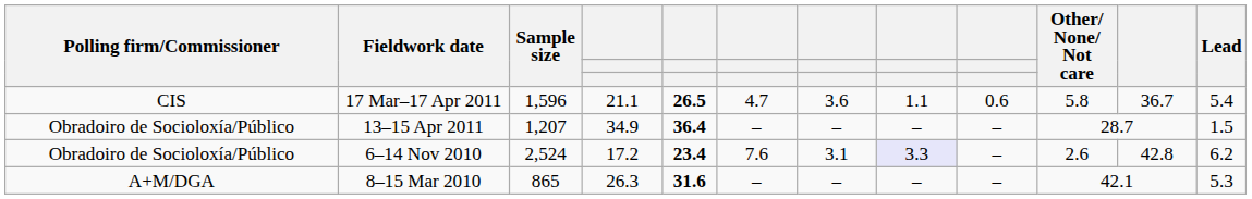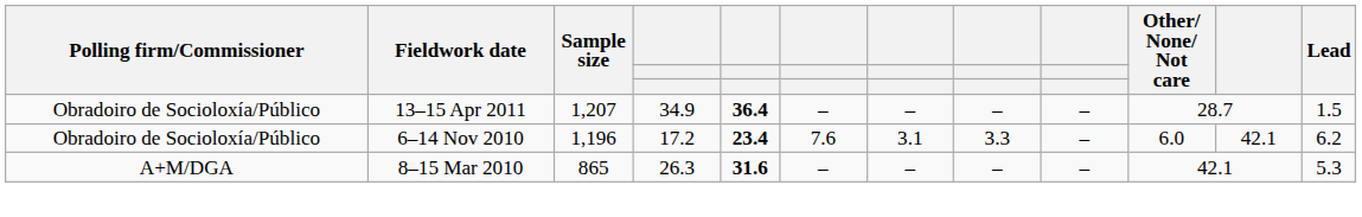 <table class="wikitable collapsible collapsed" style="text-align:center; font-size:90%; line-height:14px;">
 <tr style="height:42px;">
 <th style="width:250px;" rowspan="3">Polling firm/Commissioner</th>
 <th style="width:125px;" rowspan="3">Fieldwork date</th>
 <th style="width:50px;" rowspan="3">Sample size</th>
 <th style="width:55px;"></th>
 <th style="width:35px;"></th>
 <th style="width:55px;"></th>
 <th style="width:55px;"></th>
 <th style="width:55px;"></th>
 <th style="width:55px;"></th>
 <th style="width:55px;" rowspan="3">Other/<br>None/<br>Not<br>care</th>
 <th style="width:55px;" rowspan="3"></th>
 <th style="width:30px;" rowspan="3">Lead</th>
 </tr>
 <tr>
 <th style="color:inherit;background:"></th>
 <th style="color:inherit;background:"></th>
 <th style="color:inherit;background:"></th>
 <th style="color:inherit;background:"></th>
 <th style="color:inherit;background:"></th>
 <th style="color:inherit;background:"></th>
 </tr>
 <tr>
 <th></th>
 <th></th>
 <th></th>
 <th></th>
 <th></th>
 <th></th>
 </tr>
 <tr>
-<td>CIS</td>
-<td>17 Mar–17 Apr 2011</td>
-<td>1,596</td>
-<td>21.1</td>
-<td><strong>26.5</strong></td>
-<td>4.7</td>
-<td>3.6</td>
-<td>1.1</td>
-<td>0.6</td>
-<td>5.8</td>
-<td>36.7</td>
-<td style="background:">5.4</td>
-</tr>
-<tr>
 <td>Obradoiro de Socioloxía/Público</td>
 <td>13–15 Apr 2011</td>
 <td>1,207</td>
 <td>34.9</td>
 <td><strong>36.4</strong></td>
 <td>–</td>
 <td>–</td>
 <td>–</td>
 <td>–</td>
 <td colspan="2">28.7</td>
 <td style="background:">1.5</td>
 </tr>
 <tr>
 <td>Obradoiro de Socioloxía/Público</td>
 <td>6–14 Nov 2010</td>
-<td>2,524</td>
+<td>1,196</td>
 <td>17.2</td>
 <td><strong>23.4</strong></td>
 <td>7.6</td>
 <td>3.1</td>
-<td style="background: lavender;">3.3</td>
+<td>3.3</td>
 <td>–</td>
-<td>2.6</td>
-<td>42.8</td>
+<td>6.0</td>
+<td>42.1</td>
 <td style="background:">6.2</td>
 </tr>
 <tr>
 <td>A+M/DGA</td>
 <td>8–15 Mar 2010</td>
 <td>865</td>
 <td>26.3</td>
 <td><strong>31.6</strong></td>
 <td>–</td>
 <td>–</td>
 <td>–</td>
 <td>–</td>
 <td colspan="2">42.1</td>
 <td style="background:">5.3</td>
 </tr>
 </table>
